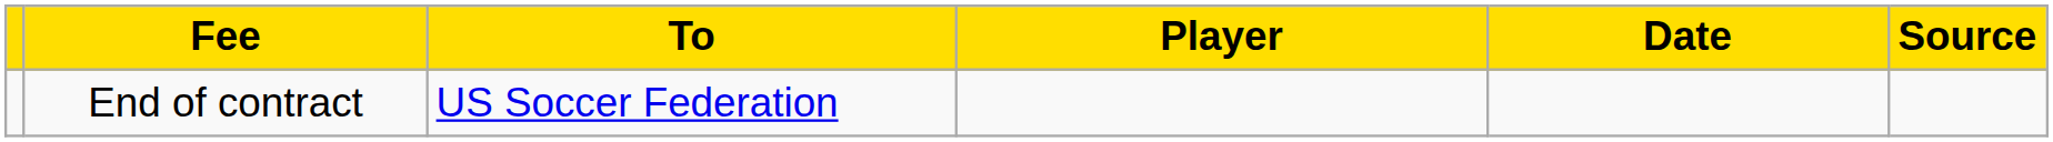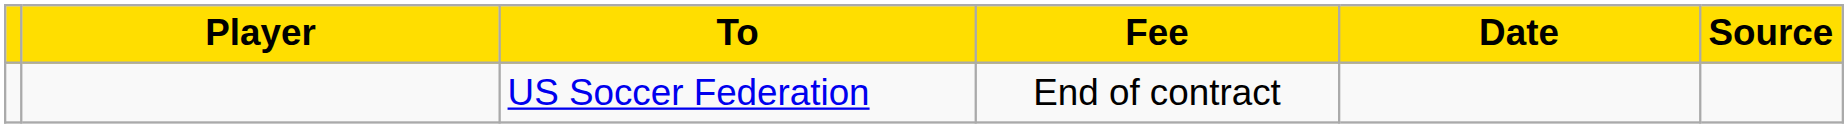 <table class="wikitable sortable">
 <tr>
 <th style="background:#FFDE00"></th>
+<th width=200 style="background:#FFDE00">Player</th>
+<th width=200 style="background:#FFDE00">To</th>
 <th width=150 style="background:#FFDE00">Fee</th>
-<th width=200 style="background:#FFDE00">To</th>
-<th width=200 style="background:#FFDE00">Player</th>
 <th width=150 style="background:#FFDE00">Date</th>
 <th style="background:#FFDE00">Source</th>
 </tr>
 <tr>
 <td align=center></td>
+<td></td>
+<td> <a href='#'>US Soccer Federation</a></td>
 <td align=center>End of contract</td>
-<td> <a href='#'>US Soccer Federation</a></td>
-<td></td>
 <td align=center></td>
 <td align=center></td>
 </tr>
 </table>
